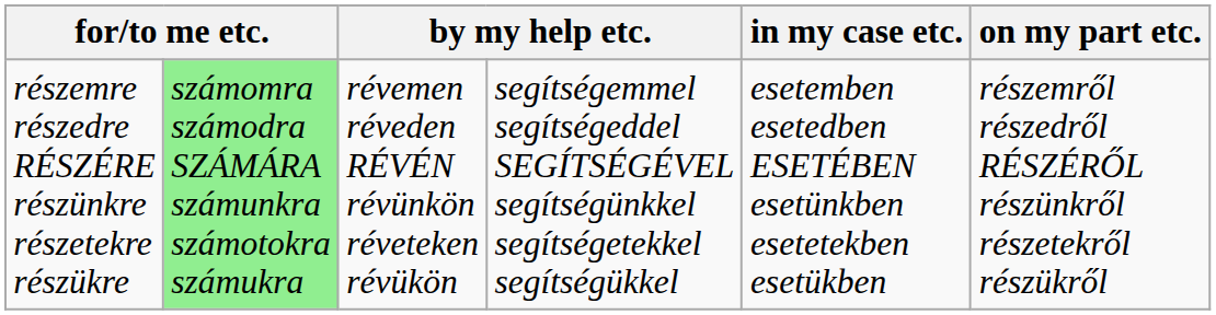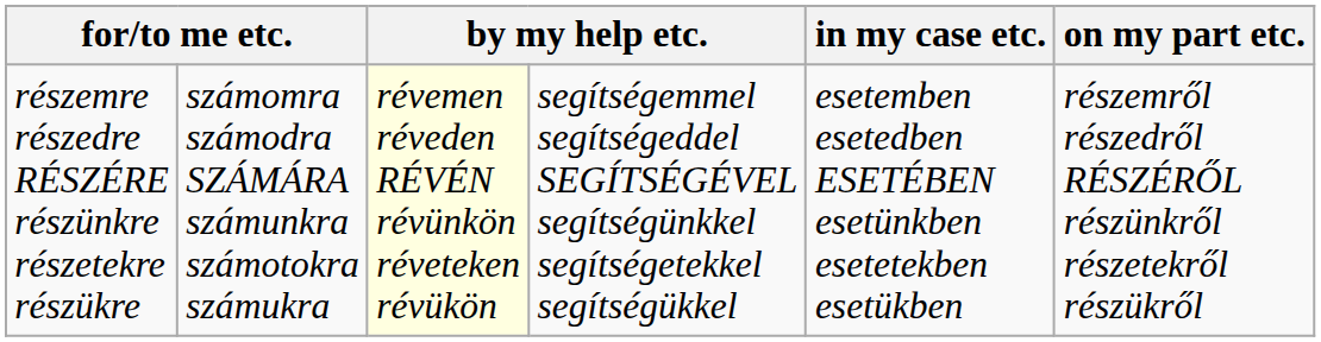 <table class="wikitable" align=center>
 <tr>
 <th colspan=2>for/to me etc.</th>
 <th colspan=2>by my help etc.</th>
 <th>in my case etc.</th>
 <th>on my part etc.</th>
 </tr>
 <tr>
 <td><em>részemre</em><br><em>részedre</em><br><em>RÉSZÉRE</em><br><em>részünkre</em><br><em>részetekre</em><br><em>részükre</em></td>
-<td style="background: lightgreen;"><em>számomra</em><br><em>számodra</em><br><em>SZÁMÁRA</em><br><em>számunkra</em><br><em>számotokra</em><br><em>számukra</em></td>
-<td><em>révemen</em><br><em>réveden</em><br><em>RÉVÉN</em><br><em>révünkön</em><br><em>réveteken</em><br><em>révükön</em></td>
+<td><em>számomra</em><br><em>számodra</em><br><em>SZÁMÁRA</em><br><em>számunkra</em><br><em>számotokra</em><br><em>számukra</em></td>
+<td style="background: lightyellow;"><em>révemen</em><br><em>réveden</em><br><em>RÉVÉN</em><br><em>révünkön</em><br><em>réveteken</em><br><em>révükön</em></td>
 <td><em>segítségemmel</em><br><em>segítségeddel</em><br><em>SEGÍTSÉGÉVEL</em><br><em>segítségünkkel</em><br><em>segítségetekkel</em><br><em>segítségükkel</em></td>
 <td><em>esetemben</em><br><em>esetedben</em><br><em>ESETÉBEN</em><br><em>esetünkben</em><br><em>esetetekben</em><br><em>esetükben</em></td>
 <td><em>részemről</em><br><em>részedről</em><br><em>RÉSZÉRŐL</em><br><em>részünkről</em><br><em>részetekről</em><br><em>részükről</em></td>
 </tr>
 </table>
